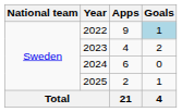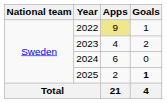 <table class="wikitable" style="text-align:center">
 <tr>
 <th>National team</th>
 <th>Year</th>
 <th>Apps</th>
 <th>Goals</th>
 </tr>
 <tr>
 <td rowspan="4"><a href='#'>Sweden</a></td>
 <td>2022</td>
-<td>9</td>
-<td style="background: lightblue;">1</td>
+<td style="background: khaki;">9</td>
+<td>1</td>
 </tr>
 <tr>
 <td>2023</td>
 <td>4</td>
 <td>2</td>
 </tr>
 <tr>
 <td>2024</td>
 <td>6</td>
 <td>0</td>
 </tr>
 <tr>
 <td>2025</td>
 <td>2</td>
-<td>1</td>
+<td><strong>1</strong></td>
 </tr>
 <tr>
 <th colspan="2">Total</th>
 <th>21</th>
 <th>4</th>
 </tr>
 </table>
